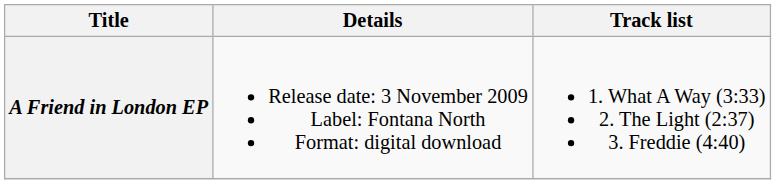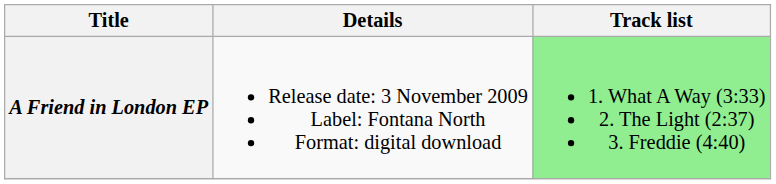 <table class="wikitable plainrowheaders" style="text-align:center;">
 <tr>
 <th scope="col">Title</th>
 <th scope="col">Details</th>
 <th scope="col">Track list</th>
 </tr>
 <tr>
 <th scope="row"><strong><em>A Friend in London EP</em></strong></th>
 <td><br><ul><li>Release date: 3 November 2009</li><li>Label: Fontana North</li><li>Format: digital download</li></ul></td>
-<td><br><ul><li>1. What A Way (3:33)</li><li>2. The Light (2:37)</li><li>3. Freddie (4:40)</li></ul></td>
+<td style="background: lightgreen;"><br><ul><li>1. What A Way (3:33)</li><li>2. The Light (2:37)</li><li>3. Freddie (4:40)</li></ul></td>
 </tr>
 <tr>
 </tr>
 </table>
